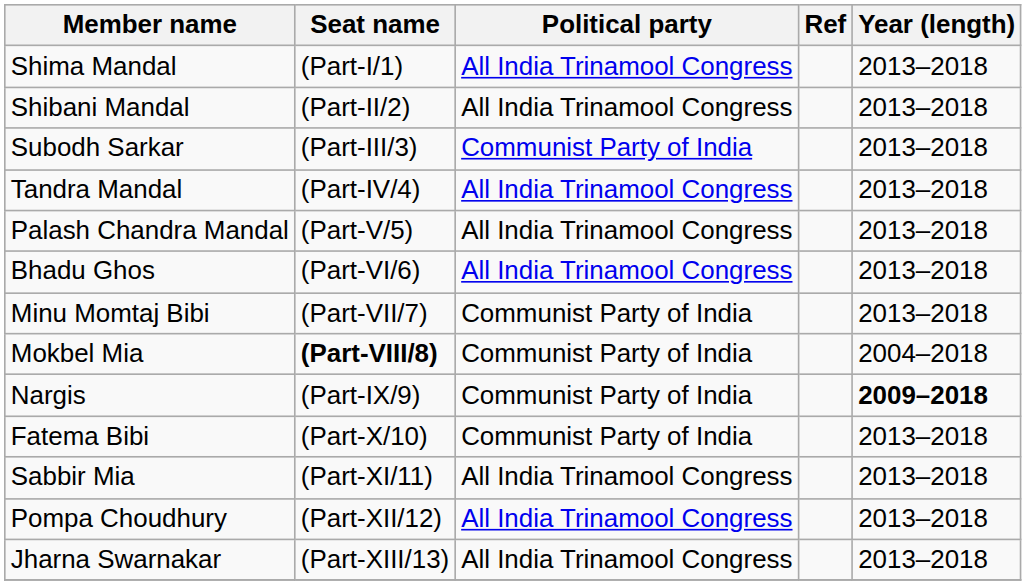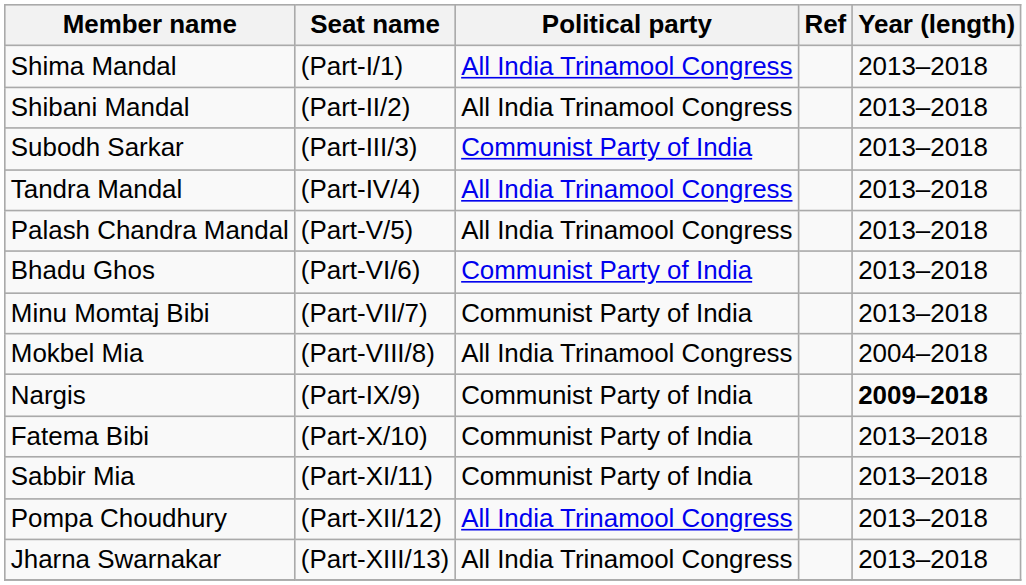 <table class=wikitable>
 <tr>
 <th>Member name</th>
 <th>Seat name</th>
 <th>Political party</th>
 <th scope=col class=unsortable>Ref</th>
 <th>Year (length)</th>
 </tr>
 <tr>
 <td>Shima Mandal</td>
 <td>(Part-I/1)</td>
 <td><a href='#'>All India Trinamool Congress</a></td>
 <td width="4px"></td>
 <td>2013–2018</td>
 </tr>
 <tr>
 <td>Shibani Mandal</td>
 <td>(Part-II/2)</td>
 <td>All India Trinamool Congress</td>
 <td width="4px"></td>
 <td>2013–2018</td>
 </tr>
 <tr>
 <td>Subodh Sarkar</td>
 <td>(Part-III/3)</td>
 <td><a href='#'>Communist Party of India</a></td>
 <td width="4px"></td>
 <td>2013–2018</td>
 </tr>
 <tr>
 <td>Tandra Mandal</td>
 <td>(Part-IV/4)</td>
 <td><a href='#'>All India Trinamool Congress</a></td>
 <td width="4px"></td>
 <td>2013–2018</td>
 </tr>
 <tr>
 <td>Palash Chandra Mandal</td>
 <td>(Part-V/5)</td>
 <td>All India Trinamool Congress</td>
 <td width="4px"></td>
 <td>2013–2018</td>
 </tr>
 <tr>
 <td>Bhadu Ghos</td>
 <td>(Part-VI/6)</td>
-<td><a href='#'>All India Trinamool Congress</a></td>
+<td><a href='#'>Communist Party of India</a></td>
 <td width="4px"></td>
 <td>2013–2018</td>
 </tr>
 <tr>
 <td>Minu Momtaj Bibi</td>
 <td>(Part-VII/7)</td>
 <td>Communist Party of India</td>
 <td width="4px"></td>
 <td>2013–2018</td>
 </tr>
 <tr>
 <td>Mokbel Mia</td>
-<td><strong>(Part-VIII/8)</strong></td>
-<td>Communist Party of India</td>
+<td>(Part-VIII/8)</td>
+<td>All India Trinamool Congress</td>
 <td width="4px"></td>
 <td>2004–2018</td>
 </tr>
 <tr>
 <td>Nargis</td>
 <td>(Part-IX/9)</td>
 <td>Communist Party of India</td>
 <td width="4px"></td>
 <td><strong>2009–2018</strong></td>
 </tr>
 <tr>
 <td>Fatema Bibi</td>
 <td>(Part-X/10)</td>
 <td>Communist Party of India</td>
 <td width="4px"></td>
 <td>2013–2018</td>
 </tr>
 <tr>
 <td>Sabbir Mia</td>
 <td>(Part-XI/11)</td>
-<td>All India Trinamool Congress</td>
+<td>Communist Party of India</td>
 <td width="4px"></td>
 <td>2013–2018</td>
 </tr>
 <tr>
 <td>Pompa Choudhury</td>
 <td>(Part-XII/12)</td>
 <td><a href='#'>All India Trinamool Congress</a></td>
 <td width="4px"></td>
 <td>2013–2018</td>
 </tr>
 <tr>
 <td>Jharna Swarnakar</td>
 <td>(Part-XIII/13)</td>
 <td>All India Trinamool Congress</td>
 <td width="4px"></td>
 <td>2013–2018</td>
 </tr>
 <tr>
 </tr>
 </table>
